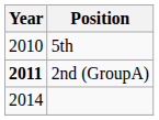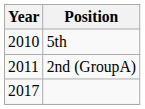 <table class="wikitable">
 <tr>
 <th>Year</th>
 <th>Position</th>
 </tr>
 <tr>
 <td>2010</td>
 <td>5th</td>
 </tr>
 <tr>
-<td><strong>2011</strong></td>
+<td>2011</td>
 <td>2nd (GroupA)</td>
 </tr>
 <tr>
-<td>2014</td>
+<td>2017</td>
 <td></td>
 </tr>
 <tr>
 </tr>
 </table>
